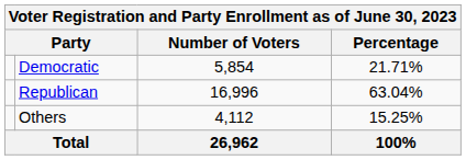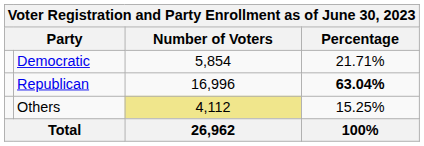 <table class=wikitable>
 <tr>
 <th colspan = 6>Voter Registration and Party Enrollment as of June 30, 2023</th>
 </tr>
 <tr>
 <th colspan = 2>Party</th>
 <th>Number of Voters</th>
 <th>Percentage</th>
 </tr>
 <tr>
 <td></td>
 <td><a href='#'>Democratic</a></td>
 <td align = center>5,854</td>
 <td align = center>21.71%</td>
 </tr>
 <tr>
 <td></td>
 <td><a href='#'>Republican</a></td>
 <td align = center>16,996</td>
-<td align = center>63.04%</td>
+<td align = center><strong>63.04%</strong></td>
 </tr>
 <tr>
 <td></td>
 <td>Others</td>
-<td align = center>4,112</td>
+<td align = center style="background: khaki;">4,112</td>
 <td align = center>15.25%</td>
 </tr>
 <tr>
 <th colspan = 2>Total</th>
 <th align = center>26,962</th>
 <th align = center>100%</th>
 </tr>
 </table>
